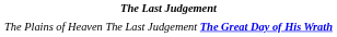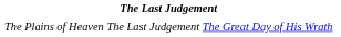 <table>
 <tr>
 <td colspan=3 align=center><strong><em>The Last Judgement</em></strong></td>
 </tr>
 <tr>
 <td></td>
 <td></td>
 <td></td>
 </tr>
 <tr>
 <td align=center><em>The Plains of Heaven</em></td>
 <td align=center><em>The Last Judgement</em></td>
-<td align=center><strong><em><a href='#'>The Great Day of His Wrath</a></em></strong></td>
+<td align=center><em><a href='#'>The Great Day of His Wrath</a></em></td>
 </tr>
 </table>
